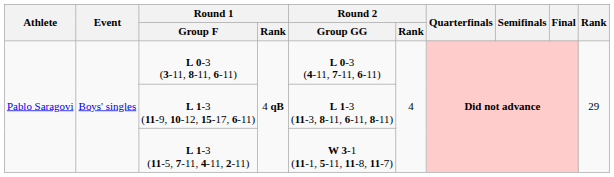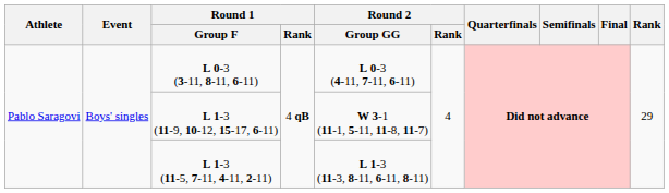 <table class="wikitable" border="1" style="font-size:90%">
 <tr>
 <th rowspan=2>Athlete</th>
 <th rowspan=2>Event</th>
 <th colspan=2>Round 1</th>
 <th colspan=2>Round 2</th>
 <th rowspan=2>Quarterfinals</th>
 <th rowspan=2>Semifinals</th>
 <th rowspan=2>Final</th>
 <th rowspan=2>Rank</th>
 </tr>
 <tr>
 <th>Group F</th>
 <th>Rank</th>
 <th>Group GG</th>
 <th>Rank</th>
 </tr>
 <tr>
 <td rowspan=3><a href='#'>Pablo Saragovi</a></td>
 <td rowspan=3><a href='#'>Boys' singles</a></td>
 <td align=center> <br> <strong>L</strong> <strong>0</strong>-3 <br> (<strong>3</strong>-11, <strong>8</strong>-11, <strong>6</strong>-11)</td>
 <td rowspan=3 align=center>4 <strong>qB</strong></td>
 <td align=center> <br> <strong>L</strong> <strong>0</strong>-3 <br> (<strong>4</strong>-11, <strong>7</strong>-11, <strong>6</strong>-11)</td>
 <td rowspan=3 align=center>4</td>
 <td rowspan=3 colspan=3 align=center bgcolor="#ffcccc"><strong>Did not advance</strong></td>
 <td rowspan=3 align=center>29</td>
 </tr>
 <tr>
 <td align=center> <br> <strong>L</strong> <strong>1</strong>-3 <br> (<strong>11</strong>-9, <strong>10</strong>-12, <strong>15</strong>-17, <strong>6</strong>-11)</td>
-<td align=center> <br> <strong>L</strong> <strong>1</strong>-3 <br> (<strong>11</strong>-3, <strong>8</strong>-11, <strong>6</strong>-11, <strong>8</strong>-11)</td>
+<td align=center> <br> <strong>W</strong> <strong>3</strong>-1 <br> (<strong>11</strong>-1, <strong>5</strong>-11, <strong>11</strong>-8, <strong>11</strong>-7)</td>
 </tr>
 <tr>
 <td align=center> <br> <strong>L</strong> <strong>1</strong>-3 <br> (<strong>11</strong>-5, <strong>7</strong>-11, <strong>4</strong>-11, <strong>2</strong>-11)</td>
-<td align=center> <br> <strong>W</strong> <strong>3</strong>-1 <br> (<strong>11</strong>-1, <strong>5</strong>-11, <strong>11</strong>-8, <strong>11</strong>-7)</td>
+<td align=center> <br> <strong>L</strong> <strong>1</strong>-3 <br> (<strong>11</strong>-3, <strong>8</strong>-11, <strong>6</strong>-11, <strong>8</strong>-11)</td>
 </tr>
 </table>
